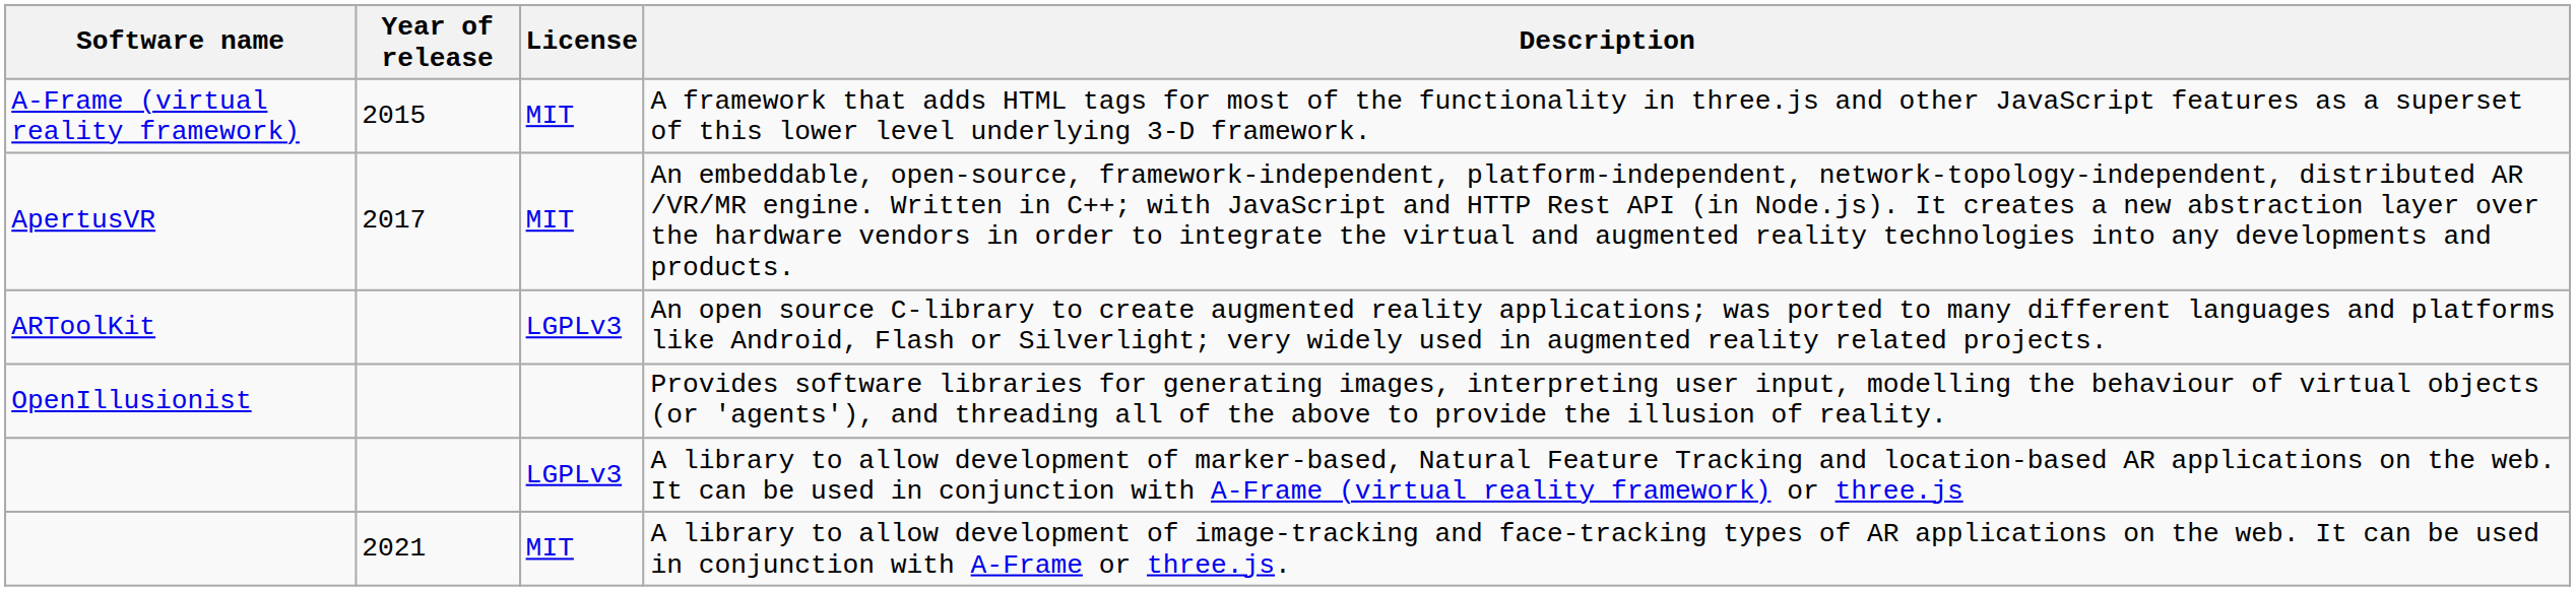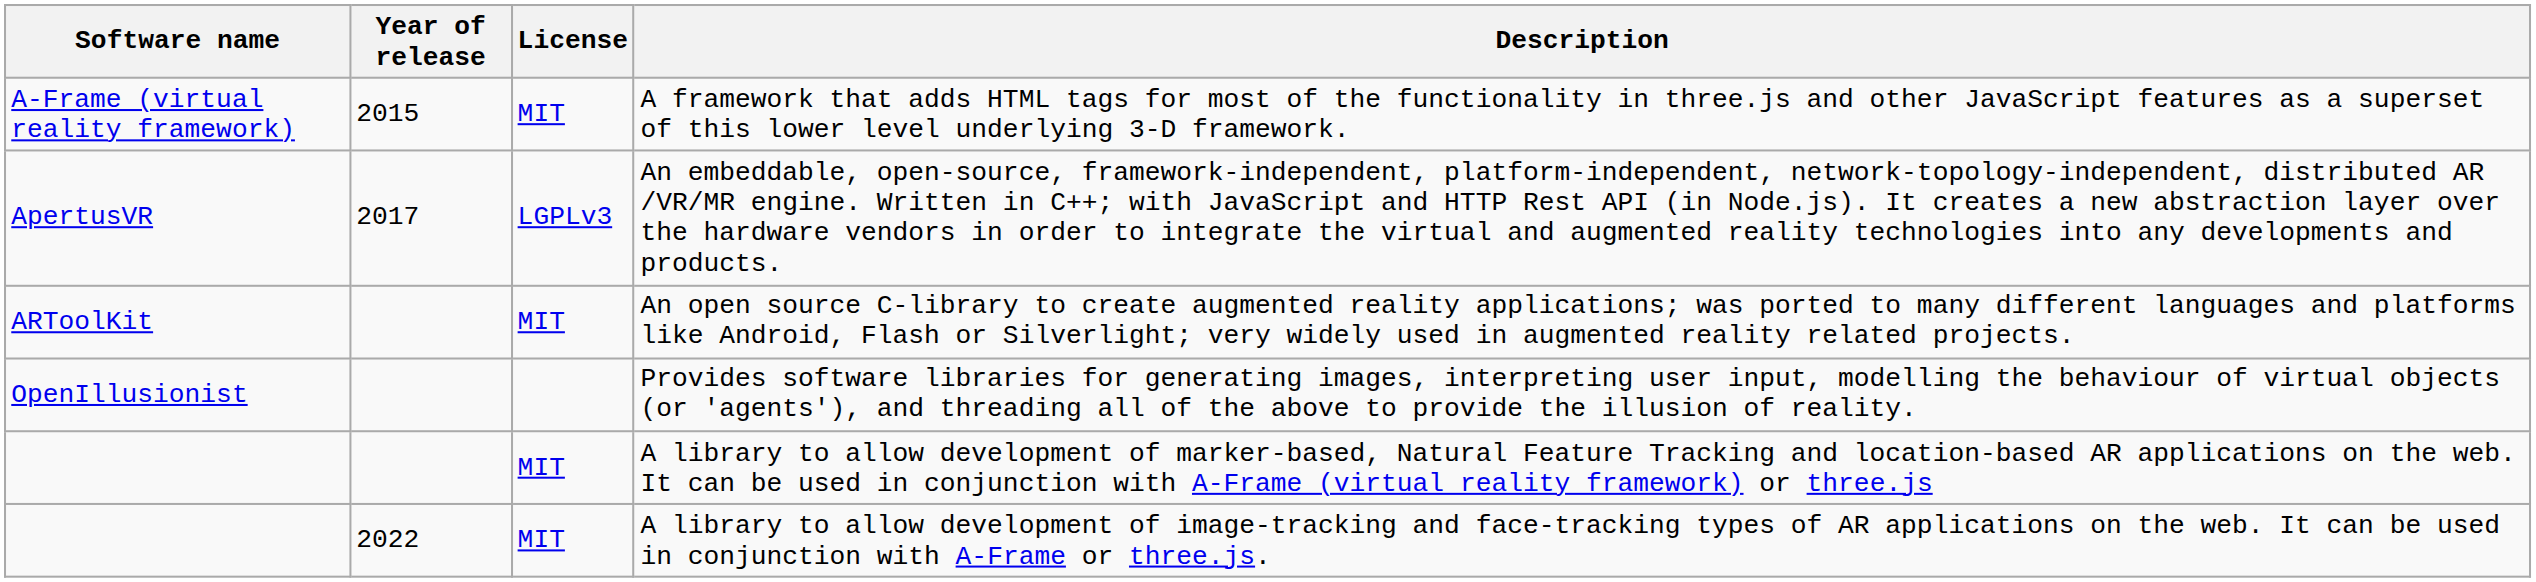 <table class="wikitable">
 <tr>
 <th>Software name</th>
 <th>Year of release</th>
 <th>License</th>
 <th>Description</th>
 </tr>
 <tr>
 <td><a href='#'>A-Frame (virtual reality framework)</a></td>
 <td>2015</td>
 <td><a href='#'>MIT</a></td>
 <td>A framework that adds HTML tags for most of the functionality in three.js and other JavaScript features as a superset of this lower level underlying 3-D framework.</td>
 </tr>
 <tr>
 <td><a href='#'>ApertusVR</a></td>
 <td>2017</td>
-<td><a href='#'>MIT</a></td>
+<td><a href='#'>LGPLv3</a></td>
 <td>An embeddable, open-source, framework-independent, platform-independent, network-topology-independent, distributed AR /VR/MR engine. Written in C++; with JavaScript and HTTP Rest API (in Node.js). It creates a new abstraction layer over the hardware vendors in order to integrate the virtual and augmented reality technologies into any developments and products.</td>
 </tr>
 <tr>
 <td><a href='#'>ARToolKit</a></td>
 <td></td>
-<td><a href='#'>LGPLv3</a></td>
+<td><a href='#'>MIT</a></td>
 <td>An open source C-library to create augmented reality applications; was ported to many different languages and platforms like Android, Flash or Silverlight; very widely used in augmented reality related projects.</td>
 </tr>
 <tr>
 <td><a href='#'>OpenIllusionist</a></td>
 <td></td>
 <td></td>
 <td>Provides software libraries for generating images, interpreting user input, modelling the behaviour of virtual objects (or 'agents'), and threading all of the above to provide the illusion of reality.</td>
 </tr>
 <tr>
 <td></td>
 <td></td>
-<td><a href='#'>LGPLv3</a></td>
+<td><a href='#'>MIT</a></td>
 <td>A library to allow development of marker-based, Natural Feature Tracking and location-based AR applications on the web. It can be used in conjunction with <a href='#'>A-Frame (virtual reality framework)</a> or <a href='#'>three.js</a></td>
 </tr>
 <tr>
 <td></td>
-<td>2021</td>
+<td>2022</td>
 <td><a href='#'>MIT</a></td>
 <td>A library to allow development of image-tracking and face-tracking types of AR applications on the web. It can be used in conjunction with <a href='#'>A-Frame</a> or <a href='#'>three.js</a>.</td>
 </tr>
 </table>
